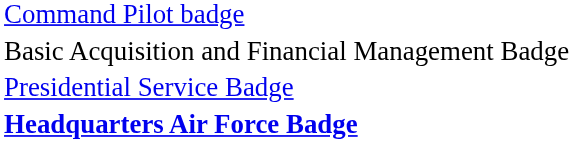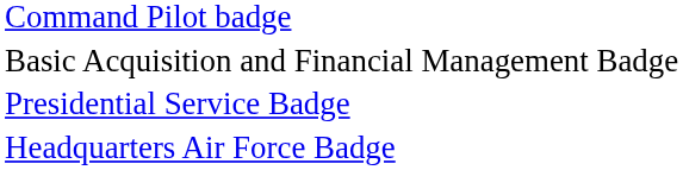 <table>
 <tr>
 <td> <a href='#'>Command Pilot badge</a></td>
 </tr>
 <tr>
 <td> Basic Acquisition and Financial Management Badge</td>
 </tr>
 <tr>
 <td> <a href='#'>Presidential Service Badge</a></td>
 </tr>
 <tr>
-<td><strong> <a href='#'>Headquarters Air Force Badge</a></strong></td>
+<td> <a href='#'>Headquarters Air Force Badge</a></td>
 </tr>
 </table>
